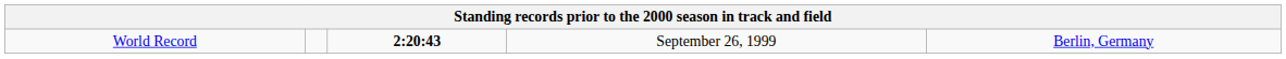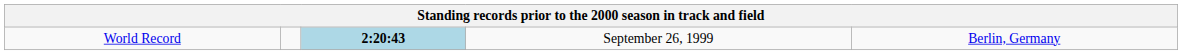 <table class="wikitable" style=" text-align:center; font-size:110%;" width="95%">
 <tr>
 <th colspan="5">Standing records prior to the 2000 season in track and field</th>
 </tr>
 <tr>
 <td><a href='#'>World Record</a></td>
 <td></td>
-<td><strong>2:20:43</strong></td>
+<td style="background: lightblue;"><strong>2:20:43</strong></td>
 <td>September 26, 1999</td>
 <td> <a href='#'>Berlin, Germany</a></td>
 </tr>
 </table>
